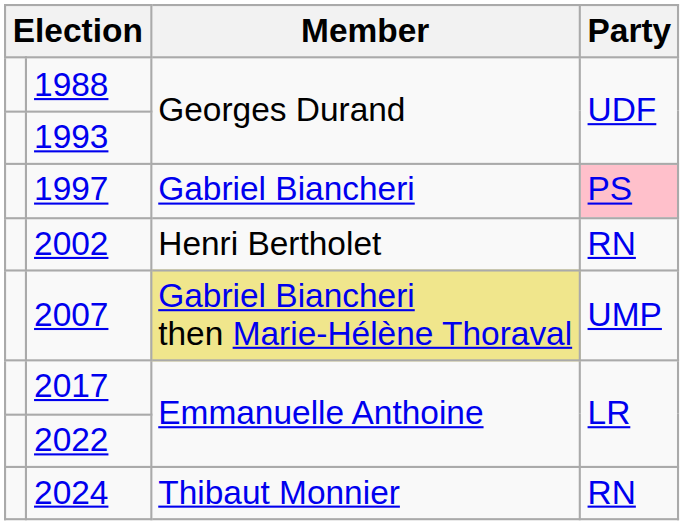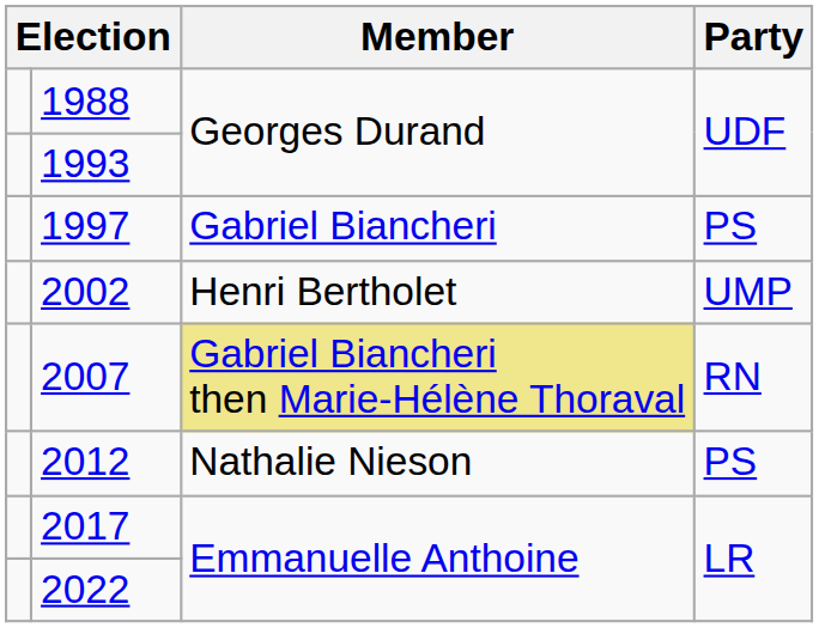 <table class="wikitable">
 <tr>
 <th colspan="2">Election</th>
 <th>Member</th>
 <th>Party</th>
 </tr>
 <tr>
 <td style="color:inherit;background:"></td>
 <td><a href='#'>1988</a></td>
 <td rowspan="2">Georges Durand</td>
 <td rowspan="2"><a href='#'>UDF</a></td>
 </tr>
 <tr>
 <td style="color:inherit;background:"></td>
 <td><a href='#'>1993</a></td>
 </tr>
 <tr>
 <td style="color:inherit;background:"></td>
 <td><a href='#'>1997</a></td>
 <td><a href='#'>Gabriel Biancheri</a></td>
-<td style="background: pink;"><a href='#'>PS</a></td>
+<td><a href='#'>PS</a></td>
 </tr>
 <tr>
 <td style="color:inherit;background:"></td>
 <td><a href='#'>2002</a></td>
 <td>Henri Bertholet</td>
-<td><a href='#'>RN</a></td>
+<td><a href='#'>UMP</a></td>
 </tr>
 <tr>
 <td style="color:inherit;background:"></td>
 <td><a href='#'>2007</a></td>
 <td style="background: khaki;"><a href='#'>Gabriel Biancheri</a><br>then <a href='#'>Marie-Hélène Thoraval</a></td>
-<td><a href='#'>UMP</a></td>
+<td><a href='#'>RN</a></td>
+</tr>
+<tr>
+<td style="color:inherit;background:"></td>
+<td><a href='#'>2012</a></td>
+<td>Nathalie Nieson</td>
+<td><a href='#'>PS</a></td>
 </tr>
 <tr>
 <td style="color:inherit;background-color: "></td>
 <td><a href='#'>2017</a></td>
 <td rowspan="2"><a href='#'>Emmanuelle Anthoine</a></td>
 <td rowspan="2"><a href='#'>LR</a></td>
 </tr>
 <tr>
 <td style="color:inherit;background-color: "></td>
 <td><a href='#'>2022</a></td>
 </tr>
-<tr>
-<td style="color:inherit;background-color: "></td>
-<td><a href='#'>2024</a></td>
-<td><a href='#'>Thibaut Monnier</a></td>
-<td><a href='#'>RN</a></td>
-</tr>
 </table>
